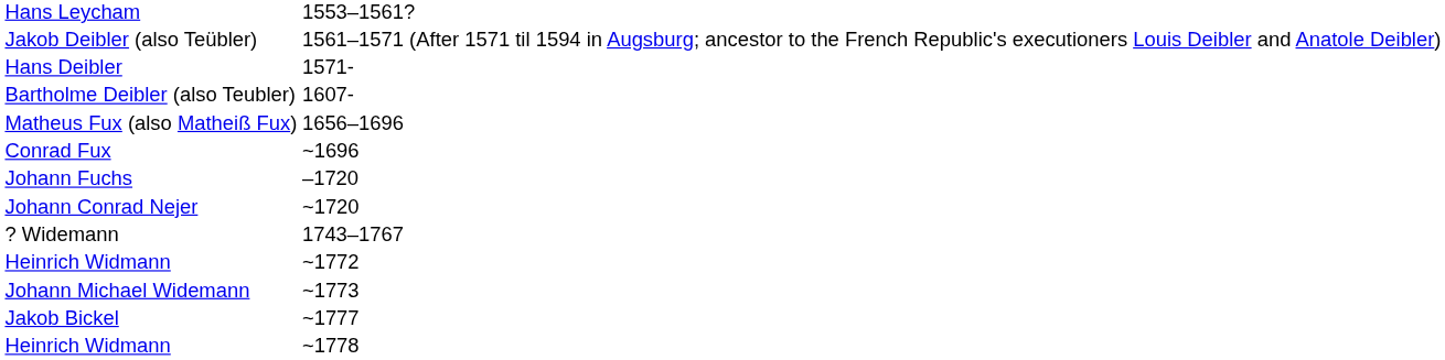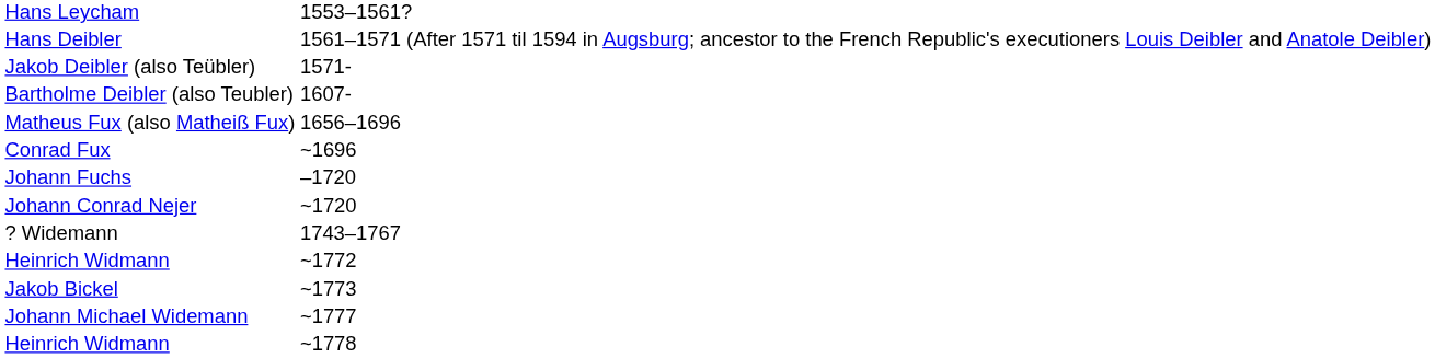 <table>
 <tr>
 <td><a href='#'>Hans Leycham</a></td>
 <td>1553–1561?</td>
 </tr>
 <tr>
-<td><a href='#'>Jakob Deibler</a> (also Teübler)</td>
+<td><a href='#'>Hans Deibler</a></td>
 <td>1561–1571 (After 1571 til 1594 in <a href='#'>Augsburg</a>; ancestor to the French Republic's executioners <a href='#'>Louis Deibler</a> and <a href='#'>Anatole Deibler</a>)</td>
 </tr>
 <tr>
-<td><a href='#'>Hans Deibler</a></td>
+<td><a href='#'>Jakob Deibler</a> (also Teübler)</td>
 <td>1571-</td>
 </tr>
 <tr>
 <td><a href='#'>Bartholme Deibler</a> (also Teubler)</td>
 <td>1607-</td>
 </tr>
 <tr>
 <td><a href='#'>Matheus Fux</a> (also <a href='#'>Matheiß Fux</a>)</td>
 <td>1656–1696</td>
 </tr>
 <tr>
 <td><a href='#'>Conrad Fux</a></td>
 <td>~1696</td>
 </tr>
 <tr>
 <td><a href='#'>Johann Fuchs</a></td>
 <td>–1720</td>
 </tr>
 <tr>
 <td><a href='#'>Johann Conrad Nejer</a></td>
 <td>~1720</td>
 </tr>
 <tr>
 <td>? Widemann</td>
 <td>1743–1767</td>
 </tr>
 <tr>
 <td><a href='#'>Heinrich Widmann</a></td>
 <td>~1772</td>
 </tr>
 <tr>
-<td><a href='#'>Johann Michael Widemann</a></td>
+<td><a href='#'>Jakob Bickel</a></td>
 <td>~1773</td>
 </tr>
 <tr>
-<td><a href='#'>Jakob Bickel</a></td>
+<td><a href='#'>Johann Michael Widemann</a></td>
 <td>~1777</td>
 </tr>
 <tr>
 <td><a href='#'>Heinrich Widmann</a></td>
 <td>~1778</td>
 </tr>
 <tr>
 </tr>
 </table>
